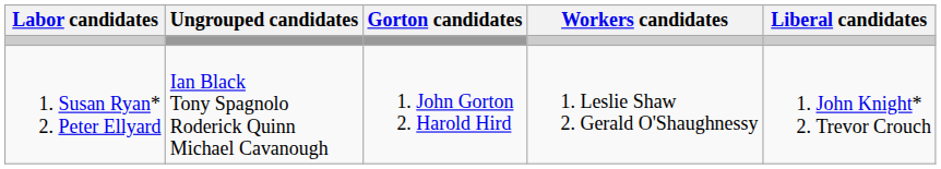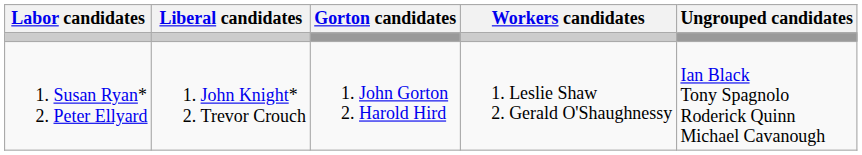 <table class="wikitable">
 <tr>
 <th><a href='#'>Labor</a> candidates</th>
-<th>Ungrouped candidates</th>
+<th><a href='#'>Liberal</a> candidates</th>
 <th><a href='#'>Gorton</a> candidates</th>
 <th><a href='#'>Workers</a> candidates</th>
-<th><a href='#'>Liberal</a> candidates</th>
+<th>Ungrouped candidates</th>
 </tr>
 <tr bgcolor="#cccccc">
 <td></td>
-<td bgcolor="#999999"></td>
+<td></td>
 <td bgcolor="#999999"></td>
 <td></td>
-<td></td>
+<td bgcolor="#999999"></td>
 </tr>
 <tr>
 <td><br><ol><li><a href='#'>Susan Ryan</a>*</li><li><a href='#'>Peter Ellyard</a></li></ol></td>
-<td valign=top><br><a href='#'>Ian Black</a><br> Tony Spagnolo<br> Roderick Quinn<br> Michael Cavanough</td>
+<td><br><ol><li><a href='#'>John Knight</a>*</li><li>Trevor Crouch</li></ol></td>
 <td valign=top><br><ol><li><a href='#'>John Gorton</a></li><li><a href='#'>Harold Hird</a></li></ol></td>
 <td valign=top><br><ol><li>Leslie Shaw</li><li>Gerald O'Shaughnessy</li></ol></td>
-<td><br><ol><li><a href='#'>John Knight</a>*</li><li>Trevor Crouch</li></ol></td>
+<td valign=top><br><a href='#'>Ian Black</a><br> Tony Spagnolo<br> Roderick Quinn<br> Michael Cavanough</td>
 </tr>
 </table>
